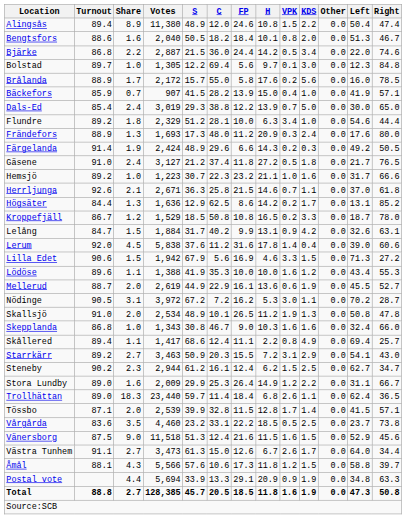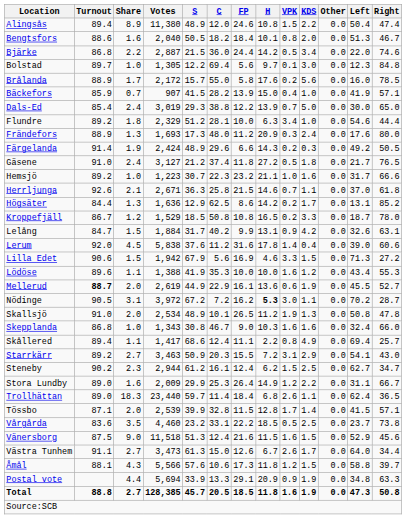 <table class="wikitable sortable" style=text-align:right>
 <tr>
 <th>Location</th>
 <th>Turnout</th>
 <th>Share</th>
 <th>Votes</th>
 <th><a href='#'>S</a></th>
 <th><a href='#'>C</a></th>
 <th><a href='#'>FP</a></th>
 <th><a href='#'>H</a></th>
 <th><a href='#'>VPK</a></th>
 <th><a href='#'>KDS</a></th>
 <th>Other</th>
 <th>Left</th>
 <th>Right</th>
 </tr>
 <tr>
 <td align=left><a href='#'>Alingsås</a></td>
 <td>89.4</td>
 <td>8.9</td>
 <td>11,380</td>
 <td>48.9</td>
 <td>12.0</td>
 <td>24.6</td>
 <td>10.8</td>
 <td>1.5</td>
 <td>2.2</td>
 <td>0.0</td>
 <td>50.4</td>
 <td>47.4</td>
 </tr>
 <tr>
 <td align=left><a href='#'>Bengtsfors</a></td>
 <td>88.6</td>
 <td>1.6</td>
 <td>2,040</td>
 <td>50.5</td>
 <td>18.2</td>
 <td>18.4</td>
 <td>10.1</td>
 <td>0.8</td>
 <td>2.0</td>
 <td>0.0</td>
 <td>51.3</td>
 <td>46.7</td>
 </tr>
 <tr>
 <td align=left><a href='#'>Bjärke</a></td>
 <td>86.8</td>
 <td>2.2</td>
 <td>2,887</td>
 <td>21.5</td>
 <td>36.0</td>
 <td>24.4</td>
 <td>14.2</td>
 <td>0.5</td>
 <td>3.4</td>
 <td>0.0</td>
 <td>22.0</td>
 <td>74.6</td>
 </tr>
 <tr>
 <td align=left>Bolstad</td>
 <td>89.7</td>
 <td>1.0</td>
 <td>1,305</td>
 <td>12.2</td>
 <td>69.4</td>
 <td>5.6</td>
 <td>9.7</td>
 <td>0.1</td>
 <td>3.0</td>
 <td>0.0</td>
 <td>12.3</td>
 <td>84.8</td>
 </tr>
 <tr>
 <td align=left><a href='#'>Brålanda</a></td>
 <td>88.9</td>
 <td>1.7</td>
 <td>2,172</td>
 <td>15.7</td>
 <td>55.0</td>
 <td>5.8</td>
 <td>17.6</td>
 <td>0.2</td>
 <td>5.6</td>
 <td>0.0</td>
 <td>16.0</td>
 <td>78.5</td>
 </tr>
 <tr>
 <td align=left><a href='#'>Bäckefors</a></td>
 <td>85.9</td>
 <td>0.7</td>
 <td>907</td>
 <td>41.5</td>
 <td>28.2</td>
 <td>13.9</td>
 <td>15.0</td>
 <td>0.4</td>
 <td>1.0</td>
 <td>0.0</td>
 <td>41.9</td>
 <td>57.1</td>
 </tr>
 <tr>
 <td align=left><a href='#'>Dals-Ed</a></td>
 <td>85.4</td>
 <td>2.4</td>
 <td>3,019</td>
 <td>29.3</td>
 <td>38.8</td>
 <td>12.2</td>
 <td>13.9</td>
 <td>0.7</td>
 <td>5.0</td>
 <td>0.0</td>
 <td>30.0</td>
 <td>65.0</td>
 </tr>
 <tr>
 <td align=left>Flundre</td>
 <td>89.2</td>
 <td>1.8</td>
 <td>2,329</td>
 <td>51.2</td>
 <td>28.1</td>
 <td>10.0</td>
 <td>6.3</td>
 <td>3.4</td>
 <td>1.0</td>
 <td>0.0</td>
 <td>54.6</td>
 <td>44.4</td>
 </tr>
 <tr>
 <td align=left><a href='#'>Frändefors</a></td>
 <td>88.9</td>
 <td>1.3</td>
 <td>1,693</td>
 <td>17.3</td>
 <td>48.0</td>
 <td>11.2</td>
 <td>20.9</td>
 <td>0.3</td>
 <td>2.4</td>
 <td>0.0</td>
 <td>17.6</td>
 <td>80.0</td>
 </tr>
 <tr>
 <td align=left><a href='#'>Färgelanda</a></td>
 <td>91.4</td>
 <td>1.9</td>
 <td>2,424</td>
 <td>48.9</td>
 <td>29.6</td>
 <td>6.6</td>
 <td>14.3</td>
 <td>0.2</td>
 <td>0.3</td>
 <td>0.0</td>
 <td>49.2</td>
 <td>50.5</td>
 </tr>
 <tr>
 <td align=left>Gäsene</td>
 <td>91.0</td>
 <td>2.4</td>
 <td>3,127</td>
 <td>21.2</td>
 <td>37.4</td>
 <td>11.8</td>
 <td>27.2</td>
 <td>0.5</td>
 <td>1.8</td>
 <td>0.0</td>
 <td>21.7</td>
 <td>76.5</td>
 </tr>
 <tr>
 <td align=left>Hemsjö</td>
 <td>89.2</td>
 <td>1.0</td>
 <td>1,223</td>
 <td>30.7</td>
 <td>22.3</td>
 <td>23.2</td>
 <td>21.1</td>
 <td>1.0</td>
 <td>1.6</td>
 <td>0.0</td>
 <td>31.7</td>
 <td>66.6</td>
 </tr>
 <tr>
 <td align=left><a href='#'>Herrljunga</a></td>
 <td>92.6</td>
 <td>2.1</td>
 <td>2,671</td>
 <td>36.3</td>
 <td>25.8</td>
 <td>21.5</td>
 <td>14.6</td>
 <td>0.7</td>
 <td>1.1</td>
 <td>0.0</td>
 <td>37.0</td>
 <td>61.8</td>
 </tr>
 <tr>
 <td align=left><a href='#'>Högsäter</a></td>
 <td>84.4</td>
 <td>1.3</td>
 <td>1,636</td>
 <td>12.9</td>
 <td>62.5</td>
 <td>8.6</td>
 <td>14.2</td>
 <td>0.2</td>
 <td>1.7</td>
 <td>0.0</td>
 <td>13.1</td>
 <td>85.2</td>
 </tr>
 <tr>
 <td align=left><a href='#'>Kroppefjäll</a></td>
 <td>86.7</td>
 <td>1.2</td>
 <td>1,529</td>
 <td>18.5</td>
 <td>50.8</td>
 <td>10.8</td>
 <td>16.5</td>
 <td>0.2</td>
 <td>3.3</td>
 <td>0.0</td>
 <td>18.7</td>
 <td>78.0</td>
 </tr>
 <tr>
 <td align=left>Lelång</td>
 <td>84.7</td>
 <td>1.5</td>
 <td>1,884</td>
 <td>31.7</td>
 <td>40.2</td>
 <td>9.9</td>
 <td>13.1</td>
 <td>0.9</td>
 <td>4.2</td>
 <td>0.0</td>
 <td>32.6</td>
 <td>63.1</td>
 </tr>
 <tr>
 <td align=left><a href='#'>Lerum</a></td>
 <td>92.0</td>
 <td>4.5</td>
 <td>5,838</td>
 <td>37.6</td>
 <td>11.2</td>
 <td>31.6</td>
 <td>17.8</td>
 <td>1.4</td>
 <td>0.4</td>
 <td>0.0</td>
 <td>39.0</td>
 <td>60.6</td>
 </tr>
 <tr>
 <td align=left><a href='#'>Lilla Edet</a></td>
 <td>90.6</td>
 <td>1.5</td>
 <td>1,942</td>
 <td>67.9</td>
 <td>5.6</td>
 <td>16.9</td>
 <td>4.6</td>
 <td>3.3</td>
 <td>1.5</td>
 <td>0.0</td>
 <td>71.3</td>
 <td>27.2</td>
 </tr>
 <tr>
 <td align=left><a href='#'>Lödöse</a></td>
 <td>89.6</td>
 <td>1.1</td>
 <td>1,388</td>
 <td>41.9</td>
 <td>35.3</td>
 <td>10.0</td>
 <td>10.0</td>
 <td>1.6</td>
 <td>1.2</td>
 <td>0.0</td>
 <td>43.4</td>
 <td>55.3</td>
 </tr>
 <tr>
 <td align=left><a href='#'>Mellerud</a></td>
-<td>88.7</td>
+<td><strong>88.7</strong></td>
 <td>2.0</td>
 <td>2,619</td>
 <td>44.9</td>
 <td>22.9</td>
 <td>16.1</td>
 <td>13.6</td>
 <td>0.6</td>
 <td>1.9</td>
 <td>0.0</td>
 <td>45.5</td>
 <td>52.7</td>
 </tr>
 <tr>
 <td align=left>Nödinge</td>
 <td>90.5</td>
 <td>3.1</td>
 <td>3,972</td>
 <td>67.2</td>
 <td>7.2</td>
 <td>16.2</td>
-<td>5.3</td>
+<td><strong>5.3</strong></td>
 <td>3.0</td>
 <td>1.1</td>
 <td>0.0</td>
 <td>70.2</td>
 <td>28.7</td>
 </tr>
 <tr>
 <td align=left>Skallsjö</td>
 <td>91.0</td>
 <td>2.0</td>
 <td>2,534</td>
 <td>48.9</td>
 <td>10.1</td>
 <td>26.5</td>
 <td>11.2</td>
 <td>1.9</td>
 <td>1.3</td>
 <td>0.0</td>
 <td>50.8</td>
 <td>47.8</td>
 </tr>
 <tr>
 <td align=left><a href='#'>Skepplanda</a></td>
 <td>86.8</td>
 <td>1.0</td>
 <td>1,343</td>
 <td>30.8</td>
 <td>46.7</td>
 <td>9.0</td>
 <td>10.3</td>
 <td>1.6</td>
 <td>1.6</td>
 <td>0.0</td>
 <td>32.4</td>
 <td>66.0</td>
 </tr>
 <tr>
 <td align=left>Skållered</td>
 <td>89.4</td>
 <td>1.1</td>
 <td>1,417</td>
 <td>68.6</td>
 <td>12.4</td>
 <td>11.1</td>
 <td>2.2</td>
 <td>0.8</td>
 <td>4.9</td>
 <td>0.0</td>
 <td>69.4</td>
 <td>25.7</td>
 </tr>
 <tr>
 <td align=left><a href='#'>Starrkärr</a></td>
 <td>89.2</td>
 <td>2.7</td>
 <td>3,463</td>
 <td>50.9</td>
 <td>20.3</td>
 <td>15.5</td>
 <td>7.2</td>
 <td>3.1</td>
 <td>2.9</td>
 <td>0.0</td>
 <td>54.1</td>
 <td>43.0</td>
 </tr>
 <tr>
 <td align=left>Steneby</td>
 <td>90.2</td>
 <td>2.3</td>
 <td>2,944</td>
 <td>61.2</td>
 <td>16.1</td>
 <td>12.4</td>
 <td>6.2</td>
 <td>1.5</td>
 <td>2.5</td>
 <td>0.0</td>
 <td>62.7</td>
 <td>34.7</td>
 </tr>
 <tr>
 <td align=left>Stora Lundby</td>
 <td>89.0</td>
 <td>1.6</td>
 <td>2,009</td>
 <td>29.9</td>
 <td>25.3</td>
 <td>26.4</td>
 <td>14.9</td>
 <td>1.2</td>
 <td>2.2</td>
 <td>0.0</td>
 <td>31.1</td>
 <td>66.7</td>
 </tr>
 <tr>
 <td align=left><a href='#'>Trollhättan</a></td>
 <td>89.0</td>
 <td>18.3</td>
 <td>23,440</td>
 <td>59.7</td>
 <td>11.4</td>
 <td>18.4</td>
 <td>6.8</td>
 <td>2.6</td>
 <td>1.1</td>
 <td>0.0</td>
 <td>62.4</td>
 <td>36.5</td>
 </tr>
 <tr>
 <td align=left>Tössbo</td>
 <td>87.1</td>
 <td>2.0</td>
 <td>2,539</td>
 <td>39.9</td>
 <td>32.8</td>
 <td>11.5</td>
 <td>12.8</td>
 <td>1.7</td>
 <td>1.4</td>
 <td>0.0</td>
 <td>41.5</td>
 <td>57.1</td>
 </tr>
 <tr>
 <td align=left><a href='#'>Vårgårda</a></td>
 <td>83.6</td>
 <td>3.5</td>
 <td>4,460</td>
 <td>23.2</td>
 <td>33.1</td>
 <td>22.2</td>
 <td>18.5</td>
 <td>0.5</td>
 <td>2.5</td>
 <td>0.0</td>
 <td>23.7</td>
 <td>73.8</td>
 </tr>
 <tr>
 <td align=left><a href='#'>Vänersborg</a></td>
 <td>87.5</td>
 <td>9.0</td>
 <td>11,518</td>
 <td>51.3</td>
 <td>12.4</td>
 <td>21.6</td>
 <td>11.5</td>
 <td>1.6</td>
 <td>1.5</td>
 <td>0.0</td>
 <td>52.9</td>
 <td>45.6</td>
 </tr>
 <tr>
 <td align=left>Västra Tunhem</td>
 <td>91.1</td>
 <td>2.7</td>
 <td>3,473</td>
 <td>61.3</td>
 <td>15.0</td>
 <td>12.6</td>
 <td>6.7</td>
 <td>2.6</td>
 <td>1.7</td>
 <td>0.0</td>
 <td>64.0</td>
 <td>34.4</td>
 </tr>
 <tr>
 <td align=left><a href='#'>Åmål</a></td>
 <td>88.1</td>
 <td>4.3</td>
 <td>5,566</td>
 <td>57.6</td>
 <td>10.6</td>
 <td>17.3</td>
 <td>11.8</td>
 <td>1.2</td>
 <td>1.5</td>
 <td>0.0</td>
 <td>58.8</td>
 <td>39.7</td>
 </tr>
 <tr>
 <td align=left><a href='#'>Postal vote</a></td>
 <td></td>
 <td>4.4</td>
 <td>5,694</td>
 <td>33.9</td>
 <td>13.3</td>
 <td>29.1</td>
 <td>20.9</td>
 <td>0.9</td>
 <td>1.9</td>
 <td>0.0</td>
 <td>34.8</td>
 <td>63.3</td>
 </tr>
 <tr>
 <td align=left><strong>Total</strong></td>
 <td><strong>88.8</strong></td>
 <td><strong>2.7</strong></td>
 <td><strong>128,385</strong></td>
 <td><strong>45.7</strong></td>
 <td><strong>20.5</strong></td>
 <td><strong>18.5</strong></td>
 <td><strong>11.8</strong></td>
 <td><strong>1.6</strong></td>
 <td><strong>1.9</strong></td>
 <td><strong>0.0</strong></td>
 <td><strong>47.3</strong></td>
 <td><strong>50.8</strong></td>
 </tr>
 <tr>
 <td align=left colspan=13>Source:SCB </td>
 </tr>
 </table>
